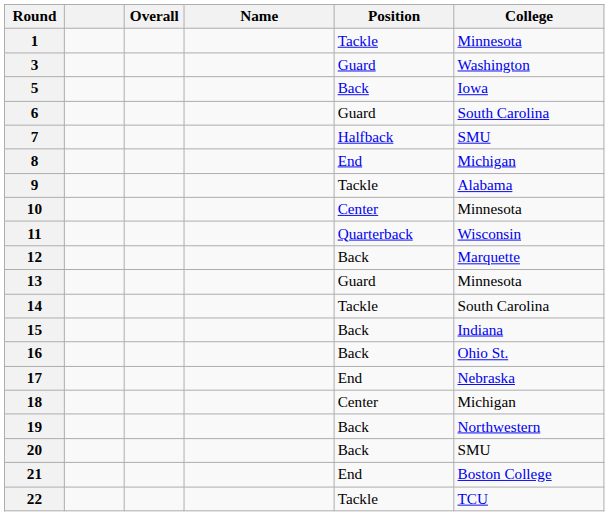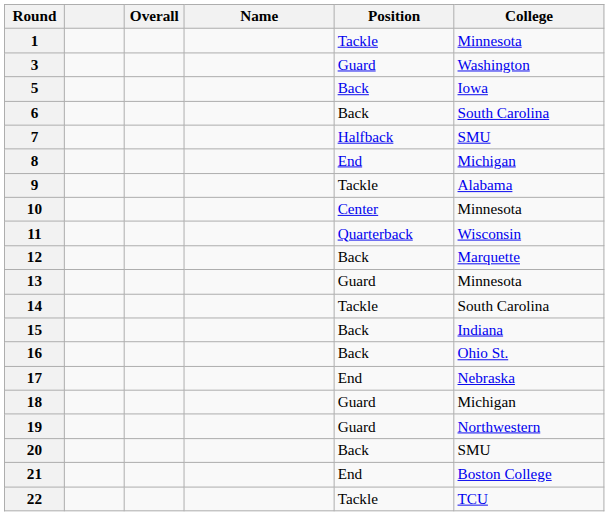 <table class="wikitable sortable" style="width: 50%;">
 <tr>
 <th scope="col" style="width: 10%;">Round</th>
 <th scope="col" style="width: 10%;"></th>
 <th scope="col" style="width: 10%;">Overall</th>
 <th scope="col" style="width: 25%;">Name</th>
 <th scope="col" style="width: 20%;">Position</th>
 <th scope="col" style="width: 25%;">College</th>
 </tr>
 <tr>
 <th scope="row">1</th>
 <td></td>
 <td></td>
 <td></td>
 <td><a href='#'>Tackle</a></td>
 <td><a href='#'>Minnesota</a></td>
 </tr>
 <tr>
 <th scope="row">3</th>
 <td></td>
 <td></td>
 <td></td>
 <td><a href='#'>Guard</a></td>
 <td><a href='#'>Washington</a></td>
 </tr>
 <tr>
 <th scope="row">5</th>
 <td></td>
 <td></td>
 <td></td>
 <td><a href='#'>Back</a></td>
 <td><a href='#'>Iowa</a></td>
 </tr>
 <tr>
 <th scope="row">6</th>
 <td></td>
 <td></td>
 <td></td>
-<td>Guard</td>
+<td>Back</td>
 <td><a href='#'>South Carolina</a></td>
 </tr>
 <tr>
 <th scope="row">7</th>
 <td></td>
 <td></td>
 <td></td>
 <td><a href='#'>Halfback</a></td>
 <td><a href='#'>SMU</a></td>
 </tr>
 <tr>
 <th scope="row">8</th>
 <td></td>
 <td></td>
 <td></td>
 <td><a href='#'>End</a></td>
 <td><a href='#'>Michigan</a></td>
 </tr>
 <tr>
 <th scope="row">9</th>
 <td></td>
 <td></td>
 <td></td>
 <td>Tackle</td>
 <td><a href='#'>Alabama</a></td>
 </tr>
 <tr>
 <th scope="row">10</th>
 <td></td>
 <td></td>
 <td></td>
 <td><a href='#'>Center</a></td>
 <td>Minnesota</td>
 </tr>
 <tr>
 <th scope="row">11</th>
 <td></td>
 <td></td>
 <td></td>
 <td><a href='#'>Quarterback</a></td>
 <td><a href='#'>Wisconsin</a></td>
 </tr>
 <tr>
 <th scope="row">12</th>
 <td></td>
 <td></td>
 <td></td>
 <td>Back</td>
 <td><a href='#'>Marquette</a></td>
 </tr>
 <tr>
 <th scope="row">13</th>
 <td></td>
 <td></td>
 <td></td>
 <td>Guard</td>
 <td>Minnesota</td>
 </tr>
 <tr>
 <th scope="row">14</th>
 <td></td>
 <td></td>
 <td></td>
 <td>Tackle</td>
 <td>South Carolina</td>
 </tr>
 <tr>
 <th scope="row">15</th>
 <td></td>
 <td></td>
 <td></td>
 <td>Back</td>
 <td><a href='#'>Indiana</a></td>
 </tr>
 <tr>
 <th scope="row">16</th>
 <td></td>
 <td></td>
 <td></td>
 <td>Back</td>
 <td><a href='#'>Ohio St.</a></td>
 </tr>
 <tr>
 <th scope="row">17</th>
 <td></td>
 <td></td>
 <td></td>
 <td>End</td>
 <td><a href='#'>Nebraska</a></td>
 </tr>
 <tr>
 <th scope="row">18</th>
 <td></td>
 <td></td>
 <td></td>
-<td>Center</td>
+<td>Guard</td>
 <td>Michigan</td>
 </tr>
 <tr>
 <th scope="row">19</th>
 <td></td>
 <td></td>
 <td></td>
-<td>Back</td>
+<td>Guard</td>
 <td><a href='#'>Northwestern</a></td>
 </tr>
 <tr>
 <th scope="row">20</th>
 <td></td>
 <td></td>
 <td></td>
 <td>Back</td>
 <td>SMU</td>
 </tr>
 <tr>
 <th scope="row">21</th>
 <td></td>
 <td></td>
 <td></td>
 <td>End</td>
 <td><a href='#'>Boston College</a></td>
 </tr>
 <tr>
 <th scope="row">22</th>
 <td></td>
 <td></td>
 <td></td>
 <td>Tackle</td>
 <td><a href='#'>TCU</a></td>
 </tr>
 </table>
